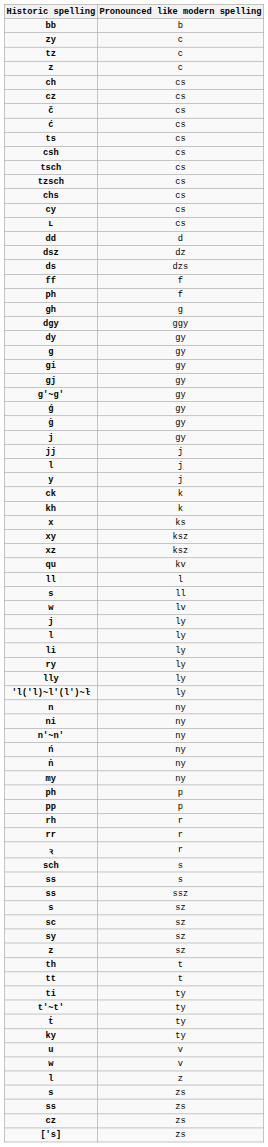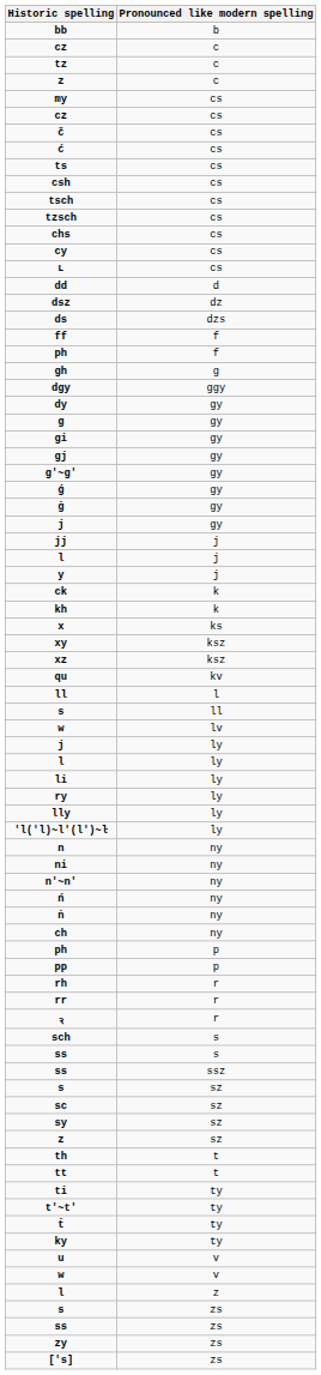 <table class="wikitable">
 <tr bgcolor="#FFDEAD">
 <th>Historic spelling</th>
 <th>Pronounced like modern spelling</th>
 </tr>
 <tr>
 <td valign="middle" align="center"><strong>bb</strong></td>
 <td valign="middle" align="center">b</td>
 </tr>
 <tr>
-<td valign="middle" align="center"><strong>zy</strong></td>
+<td valign="middle" align="center"><strong>cz</strong></td>
 <td valign="middle" align="center">c</td>
 </tr>
 <tr>
 <td valign="middle" align="center"><strong>tz</strong></td>
 <td valign="middle" align="center">c</td>
 </tr>
 <tr>
 <td valign="middle" align="center"><strong>z</strong></td>
 <td valign="middle" align="center">c</td>
 </tr>
 <tr>
-<td valign="middle" align="center"><strong>ch</strong></td>
+<td valign="middle" align="center"><strong>my</strong></td>
 <td valign="middle" align="center">cs</td>
 </tr>
 <tr>
 <td valign="middle" align="center"><strong>cz</strong></td>
 <td valign="middle" align="center">cs</td>
 </tr>
 <tr>
 <td valign="middle" align="center"><strong>č</strong></td>
 <td valign="middle" align="center">cs</td>
 </tr>
 <tr>
 <td valign="middle" align="center"><strong>ć</strong></td>
 <td valign="middle" align="center">cs</td>
 </tr>
 <tr>
 <td valign="middle" align="center"><strong>ts</strong></td>
 <td valign="middle" align="center">cs</td>
 </tr>
 <tr>
 <td valign="middle" align="center"><strong>csh</strong></td>
 <td valign="middle" align="center">cs</td>
 </tr>
 <tr>
 <td valign="middle" align="center"><strong>tsch</strong></td>
 <td valign="middle" align="center">cs</td>
 </tr>
 <tr>
 <td valign="middle" align="center"><strong>tzsch</strong></td>
 <td valign="middle" align="center">cs</td>
 </tr>
 <tr>
 <td valign="middle" align="center"><strong>chs</strong></td>
 <td valign="middle" align="center">cs</td>
 </tr>
 <tr>
 <td valign="middle" align="center"><strong>cy</strong></td>
 <td valign="middle" align="center">cs</td>
 </tr>
 <tr>
 <td valign="middle" align="center"><strong>ʟ</strong></td>
 <td valign="middle" align="center">cs</td>
 </tr>
 <tr>
 <td valign="middle" align="center"><strong>dd</strong></td>
 <td valign="middle" align="center">d</td>
 </tr>
 <tr>
 <td valign="middle" align="center"><strong>dsz</strong></td>
 <td valign="middle" align="center">dz</td>
 </tr>
 <tr>
 <td valign="middle" align="center"><strong>ds</strong></td>
 <td valign="middle" align="center">dzs</td>
 </tr>
 <tr>
 <td valign="middle" align="center"><strong>ff</strong></td>
 <td valign="middle" align="center">f</td>
 </tr>
 <tr>
 <td valign="middle" align="center"><strong>ph</strong></td>
 <td valign="middle" align="center">f</td>
 </tr>
 <tr>
 <td valign="middle" align="center"><strong>gh</strong></td>
 <td valign="middle" align="center">g</td>
 </tr>
 <tr>
 <td valign="middle" align="center"><strong>dgy</strong></td>
 <td valign="middle" align="center">ggy</td>
 </tr>
 <tr>
 <td valign="middle" align="center"><strong>dy</strong></td>
 <td valign="middle" align="center">gy</td>
 </tr>
 <tr>
 <td valign="middle" align="center"><strong>g</strong></td>
 <td valign="middle" align="center">gy</td>
 </tr>
 <tr>
 <td valign="middle" align="center"><strong>gi</strong></td>
 <td valign="middle" align="center">gy</td>
 </tr>
 <tr>
 <td valign="middle" align="center"><strong>gj</strong></td>
 <td valign="middle" align="center">gy</td>
 </tr>
 <tr>
 <td valign="middle" align="center"><strong>gʹ~g′</strong></td>
 <td valign="middle" align="center">gy</td>
 </tr>
 <tr>
 <td valign="middle" align="center"><strong>ǵ</strong></td>
 <td valign="middle" align="center">gy</td>
 </tr>
 <tr>
 <td valign="middle" align="center"><strong>ġ</strong></td>
 <td valign="middle" align="center">gy</td>
 </tr>
 <tr>
 <td valign="middle" align="center"><strong>j</strong></td>
 <td valign="middle" align="center">gy</td>
 </tr>
 <tr>
 <td valign="middle" align="center"><strong>jj</strong></td>
 <td valign="middle" align="center">j</td>
 </tr>
 <tr>
 <td valign="middle" align="center"><strong>l</strong></td>
 <td valign="middle" align="center">j</td>
 </tr>
 <tr>
 <td valign="middle" align="center"><strong>y</strong></td>
 <td valign="middle" align="center">j</td>
 </tr>
 <tr>
 <td valign="middle" align="center"><strong>ck</strong></td>
 <td valign="middle" align="center">k</td>
 </tr>
 <tr>
 <td valign="middle" align="center"><strong>kh</strong></td>
 <td valign="middle" align="center">k</td>
 </tr>
 <tr>
 <td valign="middle" align="center"><strong>x</strong></td>
 <td valign="middle" align="center">ks</td>
 </tr>
 <tr>
 <td valign="middle" align="center"><strong>xy</strong></td>
 <td valign="middle" align="center">ksz</td>
 </tr>
 <tr>
 <td valign="middle" align="center"><strong>xz</strong></td>
 <td valign="middle" align="center">ksz</td>
 </tr>
 <tr>
 <td valign="middle" align="center"><strong>qu</strong></td>
 <td valign="middle" align="center">kv</td>
 </tr>
 <tr>
 <td valign="middle" align="center"><strong>ll</strong></td>
 <td valign="middle" align="center">l</td>
 </tr>
 <tr>
 <td valign="middle" align="center"><strong>s</strong></td>
 <td valign="middle" align="center">ll</td>
 </tr>
 <tr>
 <td valign="middle" align="center"><strong>w</strong></td>
 <td valign="middle" align="center">lv</td>
 </tr>
 <tr>
 <td valign="middle" align="center"><strong>j</strong></td>
 <td valign="middle" align="center">ly</td>
 </tr>
 <tr>
 <td valign="middle" align="center"><strong>l</strong></td>
 <td valign="middle" align="center">ly</td>
 </tr>
 <tr>
 <td valign="middle" align="center"><strong>li</strong></td>
 <td valign="middle" align="center">ly</td>
 </tr>
 <tr>
 <td valign="middle" align="center"><strong>ry</strong></td>
 <td valign="middle" align="center">ly</td>
 </tr>
 <tr>
 <td valign="middle" align="center"><strong>lly</strong></td>
 <td valign="middle" align="center">ly</td>
 </tr>
 <tr>
 <td valign="middle" align="center"><strong>′l(ʹl)~l′(lʹ)~ŀ</strong></td>
 <td valign="middle" align="center">ly</td>
 </tr>
 <tr>
 <td valign="middle" align="center"><strong>n</strong></td>
 <td valign="middle" align="center">ny</td>
 </tr>
 <tr>
 <td valign="middle" align="center"><strong>ni</strong></td>
 <td valign="middle" align="center">ny</td>
 </tr>
 <tr>
 <td valign="middle" align="center"><strong>nʹ~n′</strong></td>
 <td valign="middle" align="center">ny</td>
 </tr>
 <tr>
 <td valign="middle" align="center"><strong>ń</strong></td>
 <td valign="middle" align="center">ny</td>
 </tr>
 <tr>
 <td valign="middle" align="center"><strong>ṅ</strong></td>
 <td valign="middle" align="center">ny</td>
 </tr>
 <tr>
-<td valign="middle" align="center"><strong>my</strong></td>
+<td valign="middle" align="center"><strong>ch</strong></td>
 <td valign="middle" align="center">ny</td>
 </tr>
 <tr>
 <td valign="middle" align="center"><strong>ph</strong></td>
 <td valign="middle" align="center">p</td>
 </tr>
 <tr>
 <td valign="middle" align="center"><strong>pp</strong></td>
 <td valign="middle" align="center">p</td>
 </tr>
 <tr>
 <td valign="middle" align="center"><strong>rh</strong></td>
 <td valign="middle" align="center">r</td>
 </tr>
 <tr>
 <td valign="middle" align="center"><strong>rr</strong></td>
 <td valign="middle" align="center">r</td>
 </tr>
 <tr>
 <td valign="middle" align="center"><strong>ꝛ</strong></td>
 <td valign="middle" align="center">r</td>
 </tr>
 <tr>
 <td valign="middle" align="center"><strong>sch</strong></td>
 <td valign="middle" align="center">s</td>
 </tr>
 <tr>
 <td valign="middle" align="center"><strong>ss</strong></td>
 <td valign="middle" align="center">s</td>
 </tr>
 <tr>
 <td valign="middle" align="center"><strong>ss</strong></td>
 <td valign="middle" align="center">ssz</td>
 </tr>
 <tr>
 <td valign="middle" align="center"><strong>s</strong></td>
 <td valign="middle" align="center">sz</td>
 </tr>
 <tr>
 <td valign="middle" align="center"><strong>sc</strong></td>
 <td valign="middle" align="center">sz</td>
 </tr>
 <tr>
 <td valign="middle" align="center"><strong>sy</strong></td>
 <td valign="middle" align="center">sz</td>
 </tr>
 <tr>
 <td valign="middle" align="center"><strong>z</strong></td>
 <td valign="middle" align="center">sz</td>
 </tr>
 <tr>
 <td valign="middle" align="center"><strong>th</strong></td>
 <td valign="middle" align="center">t</td>
 </tr>
 <tr>
 <td valign="middle" align="center"><strong>tt</strong></td>
 <td valign="middle" align="center">t</td>
 </tr>
 <tr>
 <td valign="middle" align="center"><strong>ti</strong></td>
 <td valign="middle" align="center">ty</td>
 </tr>
 <tr>
 <td valign="middle" align="center"><strong>tʹ~t′</strong></td>
 <td valign="middle" align="center">ty</td>
 </tr>
 <tr>
 <td valign="middle" align="center"><strong>ṫ</strong></td>
 <td valign="middle" align="center">ty</td>
 </tr>
 <tr>
 <td valign="middle" align="center"><strong>ky</strong></td>
 <td valign="middle" align="center">ty</td>
 </tr>
 <tr>
 <td valign="middle" align="center"><strong>u</strong></td>
 <td valign="middle" align="center">v</td>
 </tr>
 <tr>
 <td valign="middle" align="center"><strong>w</strong></td>
 <td valign="middle" align="center">v</td>
 </tr>
 <tr>
 <td valign="middle" align="center"><strong>l</strong></td>
 <td valign="middle" align="center">z</td>
 </tr>
 <tr>
 <td valign="middle" align="center"><strong>s</strong></td>
 <td valign="middle" align="center">zs</td>
 </tr>
 <tr>
 <td valign="middle" align="center"><strong>ss</strong></td>
 <td valign="middle" align="center">zs</td>
 </tr>
 <tr>
-<td valign="middle" align="center"><strong>cz</strong></td>
+<td valign="middle" align="center"><strong>zy</strong></td>
 <td valign="middle" align="center">zs</td>
 </tr>
 <tr>
 <td valign="middle" align="center"><strong>['s]</strong></td>
 <td valign="middle" align="center">zs</td>
 </tr>
 </table>
